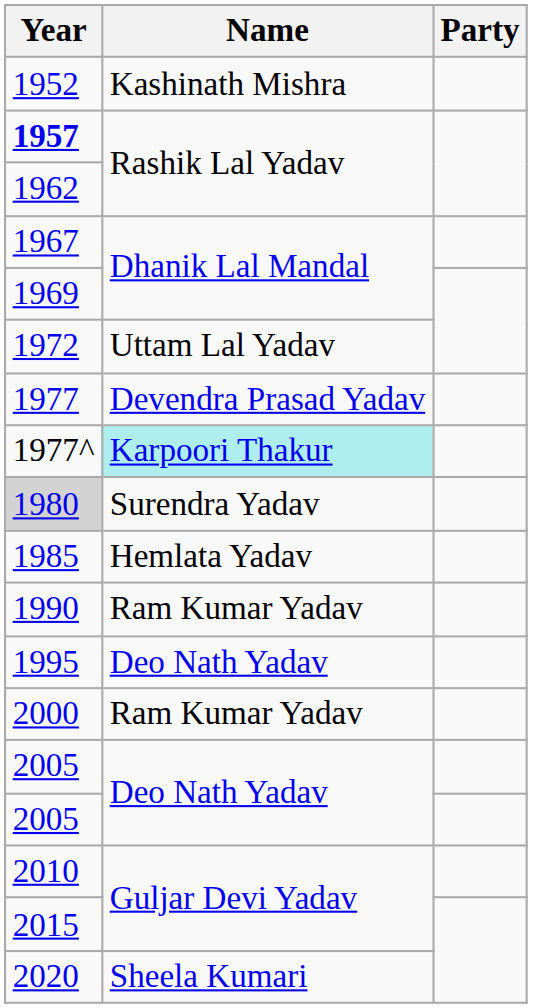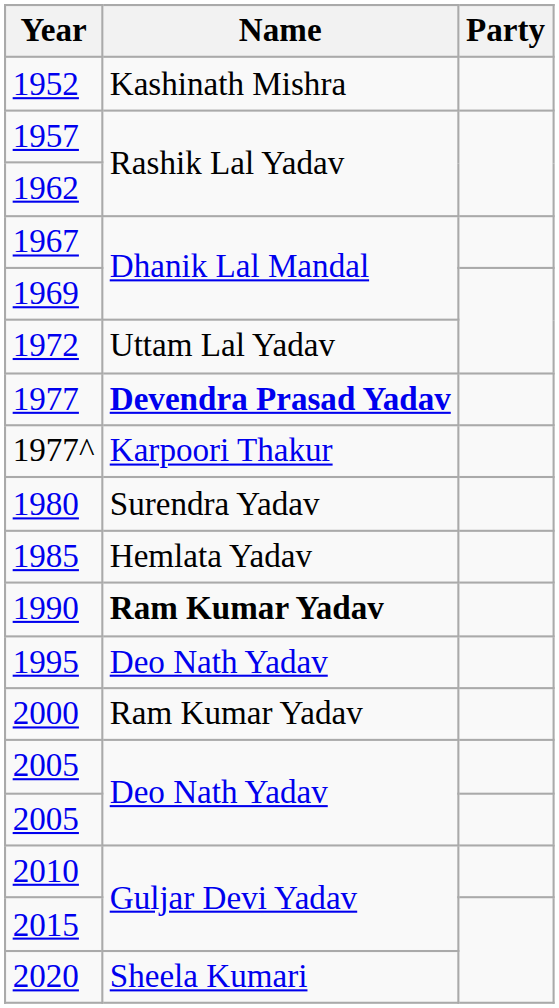 <table class="wikitable sortable">
 <tr>
 <th>Year</th>
 <th>Name</th>
 <th colspan="2">Party</th>
 </tr>
 <tr>
 <td><a href='#'>1952</a></td>
 <td>Kashinath Mishra</td>
 <td></td>
 </tr>
 <tr>
-<td><strong><a href='#'>1957</a></strong></td>
+<td><a href='#'>1957</a></td>
 <td rowspan="2">Rashik Lal Yadav</td>
 </tr>
 <tr>
 <td><a href='#'>1962</a></td>
 </tr>
 <tr>
 <td><a href='#'>1967</a></td>
 <td rowspan="2"><a href='#'>Dhanik Lal Mandal</a></td>
 <td></td>
 </tr>
 <tr>
 <td><a href='#'>1969</a></td>
 </tr>
 <tr>
 <td><a href='#'>1972</a></td>
 <td>Uttam Lal Yadav</td>
 </tr>
 <tr>
 <td><a href='#'>1977</a></td>
-<td><a href='#'>Devendra Prasad Yadav</a></td>
+<td><strong><a href='#'>Devendra Prasad Yadav</a></strong></td>
 <td></td>
 </tr>
 <tr>
 <td>1977^</td>
-<td style="background: paleturquoise;"><a href='#'>Karpoori Thakur</a></td>
+<td><a href='#'>Karpoori Thakur</a></td>
 </tr>
 <tr>
-<td style="background: lightgrey;"><a href='#'>1980</a></td>
+<td><a href='#'>1980</a></td>
 <td>Surendra Yadav</td>
 <td></td>
 </tr>
 <tr>
 <td><a href='#'>1985</a></td>
 <td>Hemlata Yadav</td>
 <td></td>
 </tr>
 <tr>
 <td><a href='#'>1990</a></td>
-<td>Ram Kumar Yadav</td>
+<td><strong>Ram Kumar Yadav</strong></td>
 <td></td>
 </tr>
 <tr>
 <td><a href='#'>1995</a></td>
 <td><a href='#'>Deo Nath Yadav</a></td>
 <td></td>
 </tr>
 <tr>
 <td><a href='#'>2000</a></td>
 <td>Ram Kumar Yadav</td>
 <td></td>
 </tr>
 <tr>
 <td><a href='#'>2005</a></td>
 <td rowspan="2"><a href='#'>Deo Nath Yadav</a></td>
 <td></td>
 </tr>
 <tr>
 <td><a href='#'>2005</a></td>
 </tr>
 <tr>
 <td><a href='#'>2010</a></td>
 <td rowspan="2"><a href='#'>Guljar Devi Yadav</a></td>
 <td></td>
 </tr>
 <tr>
 <td><a href='#'>2015</a></td>
 </tr>
 <tr>
 <td><a href='#'>2020</a></td>
 <td><a href='#'>Sheela Kumari</a></td>
 </tr>
 </table>
